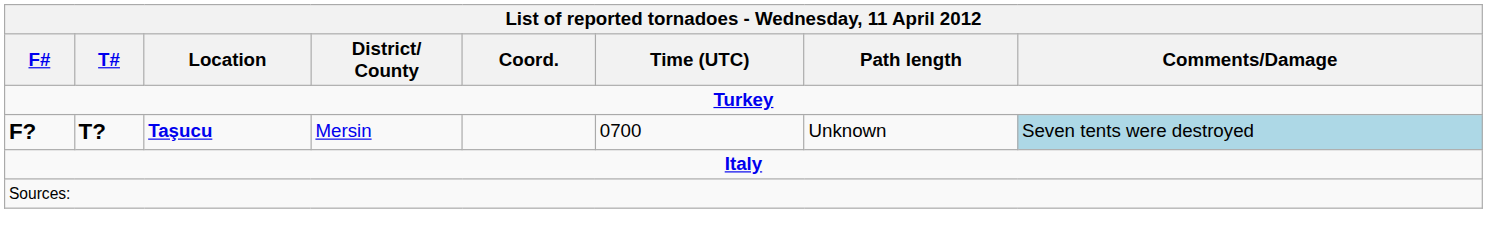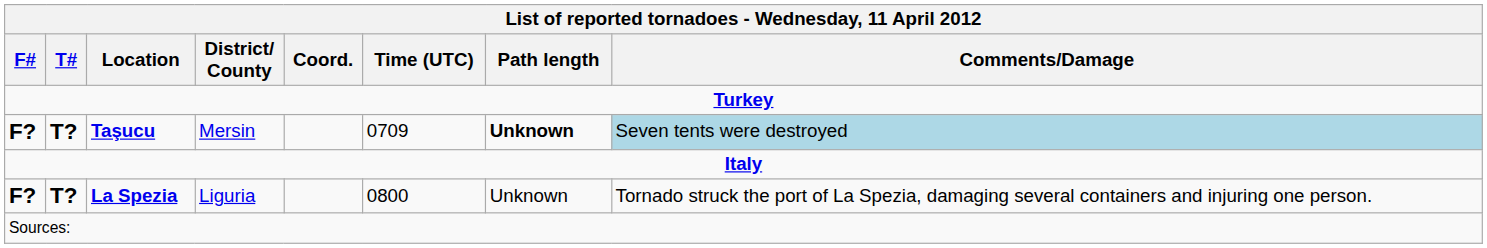 <table class="wikitable collapsible" width="100%">
 <tr>
 <th colspan="8">List of reported tornadoes - Wednesday, 11 April 2012</th>
 </tr>
 <tr>
 <th><a href='#'>F#</a></th>
 <th><a href='#'>T#</a></th>
 <th>Location</th>
 <th>District/<br>County</th>
 <th>Coord.</th>
 <th>Time (UTC)</th>
 <th>Path length</th>
 <th>Comments/Damage</th>
 </tr>
 <tr>
 <td colspan="8" align=center><strong><a href='#'>Turkey</a></strong></td>
 </tr>
 <tr>
 <td><big><strong>F?</strong></big></td>
 <td><big><strong>T?</strong></big></td>
 <td><strong><a href='#'>Taşucu</a></strong></td>
 <td><a href='#'>Mersin</a></td>
 <td></td>
-<td>0700</td>
-<td>Unknown</td>
+<td>0709</td>
+<td><strong>Unknown</strong></td>
 <td style="background: lightblue;">Seven tents were destroyed</td>
 </tr>
 <tr>
 <td colspan="8" align=center><strong><a href='#'>Italy</a></strong></td>
 </tr>
 <tr>
+<td><big><strong>F?</strong></big></td>
+<td><big><strong>T?</strong></big></td>
+<td><strong><a href='#'>La Spezia</a></strong></td>
+<td><a href='#'>Liguria</a></td>
+<td></td>
+<td>0800</td>
+<td>Unknown</td>
+<td>Tornado struck the port of La Spezia, damaging several containers and injuring one person.</td>
+</tr>
+<tr>
 <td colspan="8"><small>Sources:  </small></td>
 </tr>
 </table>
